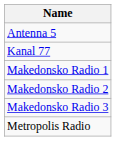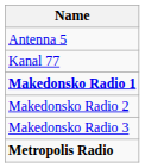 <table class="wikitable sortable">
 <tr>
 <th>Name</th>
 </tr>
 <tr>
 <td><a href='#'>Antenna 5</a></td>
 </tr>
 <tr>
 <td><a href='#'>Kanal 77</a></td>
 </tr>
 <tr>
-<td><a href='#'>Makedonsko Radio 1</a></td>
+<td><strong><a href='#'>Makedonsko Radio 1</a></strong></td>
 </tr>
 <tr>
 <td><a href='#'>Makedonsko Radio 2</a></td>
 </tr>
 <tr>
 <td><a href='#'>Makedonsko Radio 3</a></td>
 </tr>
 <tr>
-<td>Metropolis Radio</td>
+<td><strong>Metropolis Radio</strong></td>
 </tr>
 </table>
